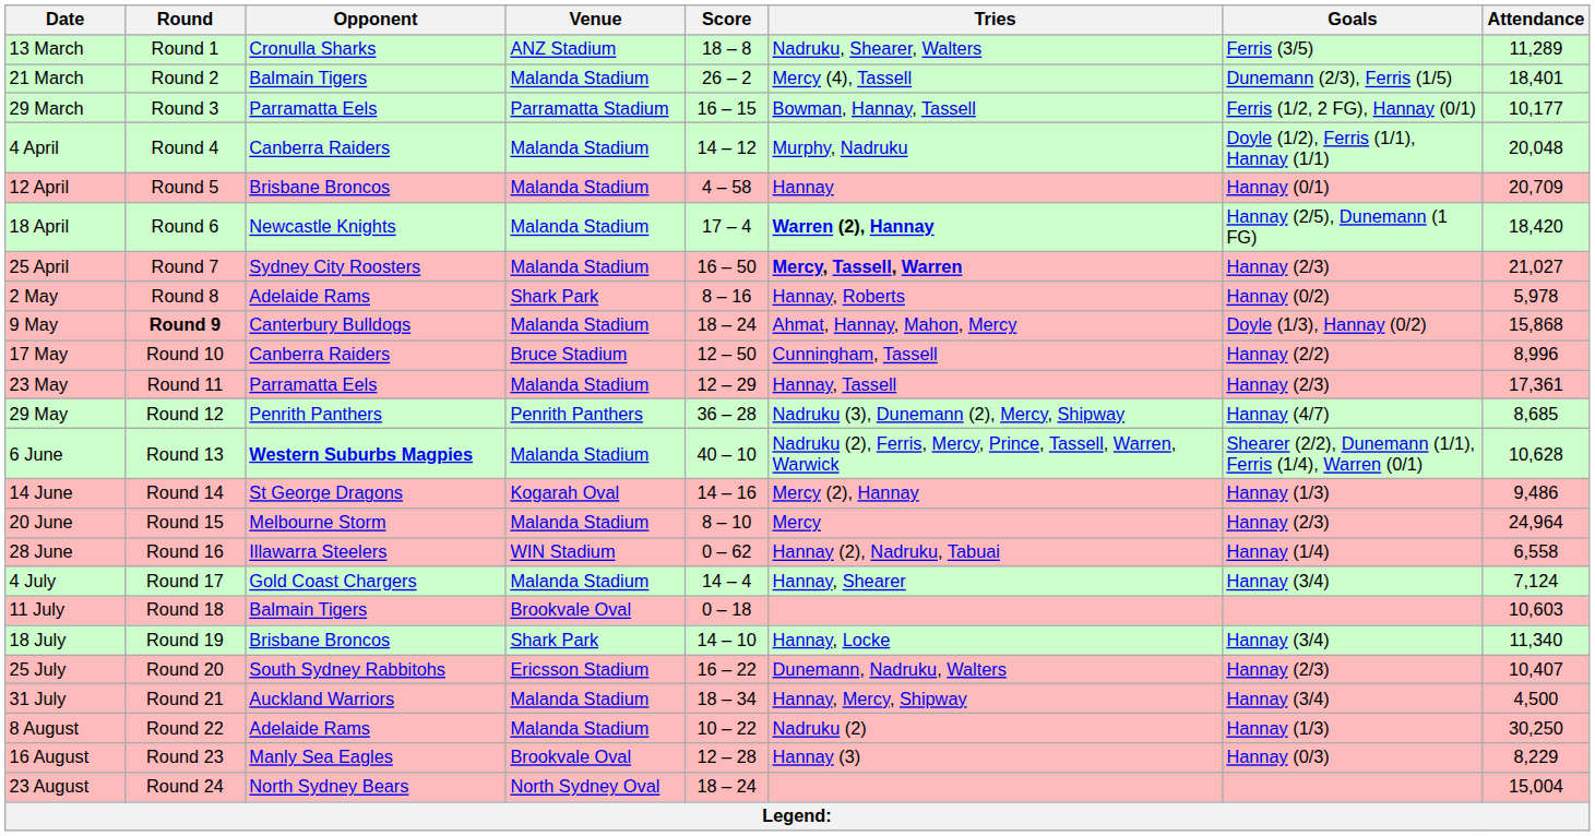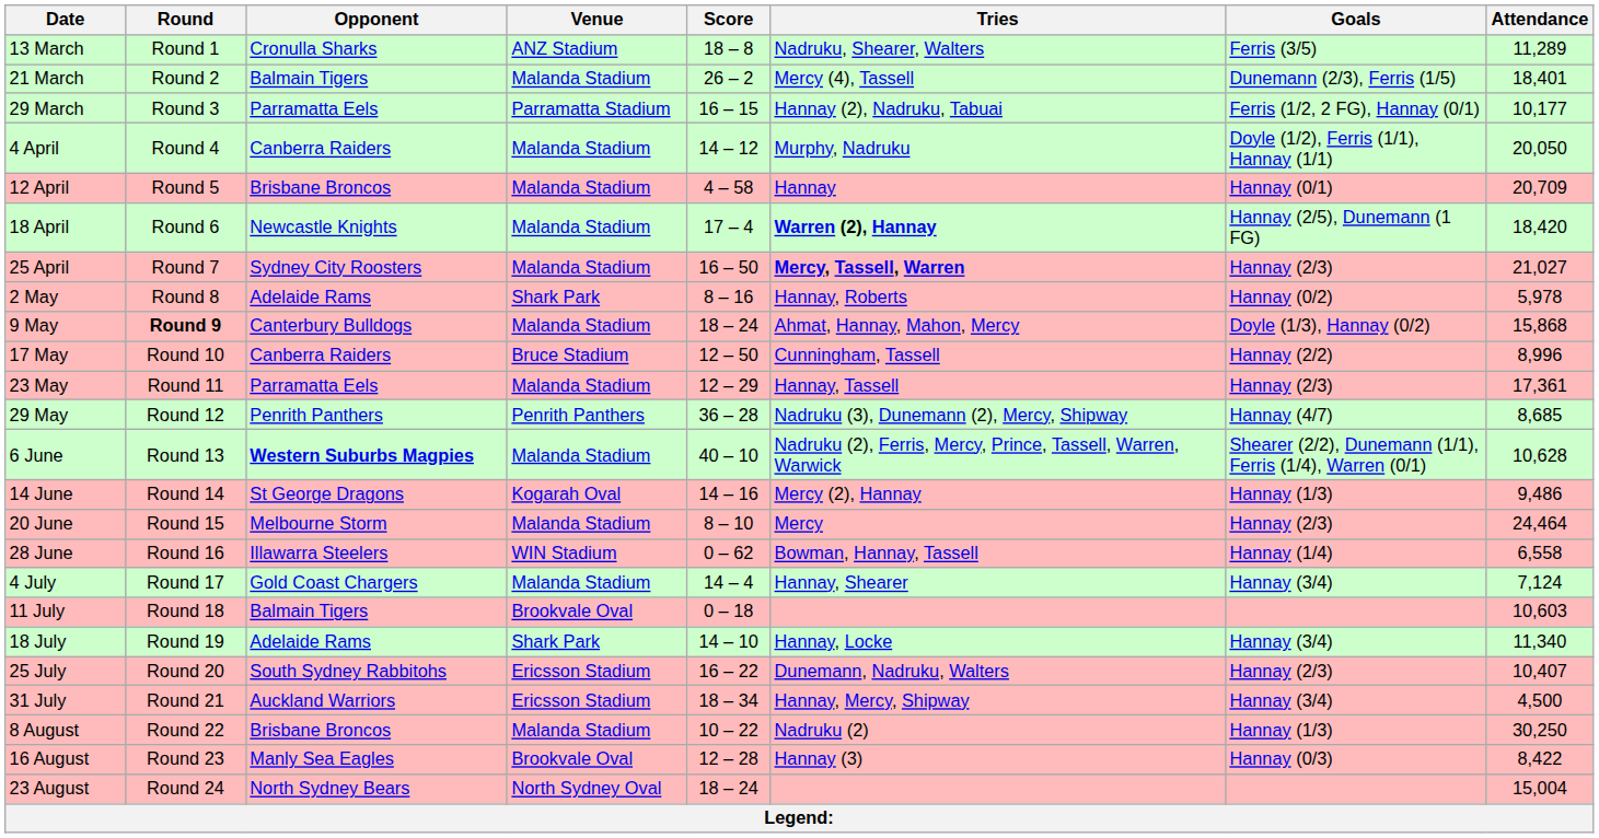 <table class="wikitable" style="font-size:75%;">
 <tr>
 <th style="width:75px;">Date</th>
 <th style="width:75px;">Round</th>
 <th style="width:170px;">Opponent</th>
 <th style="width:115px;">Venue</th>
 <th style="width:50px;">Score</th>
 <th style="width:300px;">Tries</th>
 <th style="width:170px;">Goals</th>
 <th style="width:60px;">Attendance</th>
 </tr>
 <tr style="background:#CCFFCC">
 <td>13 March</td>
 <td style="text-align:center;">Round 1</td>
 <td> <a href='#'>Cronulla Sharks</a></td>
 <td><a href='#'>ANZ Stadium</a></td>
 <td style="text-align:center;">18 – 8</td>
 <td><a href='#'>Nadruku</a>, <a href='#'>Shearer</a>, <a href='#'>Walters</a></td>
 <td><a href='#'>Ferris</a> (3/5)</td>
 <td style="text-align:center;">11,289</td>
 </tr>
 <tr style="background:#CCFFCC">
 <td>21 March</td>
 <td style="text-align:center;">Round 2</td>
 <td> <a href='#'>Balmain Tigers</a></td>
 <td><a href='#'>Malanda Stadium</a></td>
 <td style="text-align:center;">26 – 2</td>
 <td><a href='#'>Mercy</a> (4), <a href='#'>Tassell</a></td>
 <td><a href='#'>Dunemann</a> (2/3), <a href='#'>Ferris</a> (1/5)</td>
 <td style="text-align:center;">18,401</td>
 </tr>
 <tr style="background:#CCFFCC">
 <td>29 March</td>
 <td style="text-align:center;">Round 3</td>
 <td> <a href='#'>Parramatta Eels</a></td>
 <td><a href='#'>Parramatta Stadium</a></td>
 <td style="text-align:center;">16 – 15</td>
-<td><a href='#'>Bowman</a>, <a href='#'>Hannay</a>, <a href='#'>Tassell</a></td>
+<td><a href='#'>Hannay</a> (2), <a href='#'>Nadruku</a>, <a href='#'>Tabuai</a></td>
 <td><a href='#'>Ferris</a> (1/2, 2 FG), <a href='#'>Hannay</a> (0/1)</td>
 <td style="text-align:center;">10,177</td>
 </tr>
 <tr style="background:#CCFFCC">
 <td>4 April</td>
 <td style="text-align:center;">Round 4</td>
 <td> <a href='#'>Canberra Raiders</a></td>
 <td><a href='#'>Malanda Stadium</a></td>
 <td style="text-align:center;">14 – 12</td>
 <td><a href='#'>Murphy</a>, <a href='#'>Nadruku</a></td>
 <td><a href='#'>Doyle</a> (1/2), <a href='#'>Ferris</a> (1/1), <a href='#'>Hannay</a> (1/1)</td>
-<td style="text-align:center;">20,048</td>
+<td style="text-align:center;">20,050</td>
 </tr>
 <tr style="background:#FFBBBB">
 <td>12 April</td>
 <td style="text-align:center;">Round 5</td>
 <td> <a href='#'>Brisbane Broncos</a></td>
 <td><a href='#'>Malanda Stadium</a></td>
 <td style="text-align:center;">4 – 58</td>
 <td><a href='#'>Hannay</a></td>
 <td><a href='#'>Hannay</a> (0/1)</td>
 <td style="text-align:center;">20,709</td>
 </tr>
 <tr style="background:#CCFFCC">
 <td>18 April</td>
 <td style="text-align:center;">Round 6</td>
 <td> <a href='#'>Newcastle Knights</a></td>
 <td><a href='#'>Malanda Stadium</a></td>
 <td style="text-align:center;">17  – 4</td>
 <td><strong><a href='#'>Warren</a> (2), <a href='#'>Hannay</a></strong></td>
 <td><a href='#'>Hannay</a> (2/5), <a href='#'>Dunemann</a> (1 FG)</td>
 <td style="text-align:center;">18,420</td>
 </tr>
 <tr style="background:#FFBBBB">
 <td>25 April</td>
 <td style="text-align:center;">Round 7</td>
 <td> <a href='#'>Sydney City Roosters</a></td>
 <td><a href='#'>Malanda Stadium</a></td>
 <td style="text-align:center;">16 – 50</td>
 <td><strong><a href='#'>Mercy</a>, <a href='#'>Tassell</a>, <a href='#'>Warren</a></strong></td>
 <td><a href='#'>Hannay</a> (2/3)</td>
 <td style="text-align:center;">21,027</td>
 </tr>
 <tr style="background:#FFBBBB">
 <td>2 May</td>
 <td style="text-align:center;">Round 8</td>
 <td> <a href='#'>Adelaide Rams</a></td>
 <td><a href='#'>Shark Park</a></td>
 <td style="text-align:center;">8 – 16</td>
 <td><a href='#'>Hannay</a>, <a href='#'>Roberts</a></td>
 <td><a href='#'>Hannay</a> (0/2)</td>
 <td style="text-align:center;">5,978</td>
 </tr>
 <tr style="background:#FFBBBB">
 <td>9 May</td>
 <td style="text-align:center;"><strong>Round 9</strong></td>
 <td> <a href='#'>Canterbury Bulldogs</a></td>
 <td><a href='#'>Malanda Stadium</a></td>
 <td style="text-align:center;">18 – 24</td>
 <td><a href='#'>Ahmat</a>, <a href='#'>Hannay</a>, <a href='#'>Mahon</a>, <a href='#'>Mercy</a></td>
 <td><a href='#'>Doyle</a> (1/3), <a href='#'>Hannay</a> (0/2)</td>
 <td style="text-align:center;">15,868</td>
 </tr>
 <tr style="background:#FFBBBB">
 <td>17 May</td>
 <td style="text-align:center;">Round 10</td>
 <td> <a href='#'>Canberra Raiders</a></td>
 <td><a href='#'>Bruce Stadium</a></td>
 <td style="text-align:center;">12 – 50</td>
 <td><a href='#'>Cunningham</a>, <a href='#'>Tassell</a></td>
 <td><a href='#'>Hannay</a> (2/2)</td>
 <td style="text-align:center;">8,996</td>
 </tr>
 <tr style="background:#FFBBBB">
 <td>23 May</td>
 <td style="text-align:center;">Round 11</td>
 <td> <a href='#'>Parramatta Eels</a></td>
 <td><a href='#'>Malanda Stadium</a></td>
 <td style="text-align:center;">12 – 29</td>
 <td><a href='#'>Hannay</a>, <a href='#'>Tassell</a></td>
 <td><a href='#'>Hannay</a> (2/3)</td>
 <td style="text-align:center;">17,361</td>
 </tr>
 <tr style="background:#CCFFCC">
 <td>29 May</td>
 <td style="text-align:center;">Round 12</td>
 <td> <a href='#'>Penrith Panthers</a></td>
 <td><a href='#'>Penrith Panthers</a></td>
 <td style="text-align:center;">36 – 28</td>
 <td><a href='#'>Nadruku</a> (3), <a href='#'>Dunemann</a> (2), <a href='#'>Mercy</a>, <a href='#'>Shipway</a></td>
 <td><a href='#'>Hannay</a> (4/7)</td>
 <td style="text-align:center;">8,685</td>
 </tr>
 <tr style="background:#CCFFCC">
 <td>6 June</td>
 <td style="text-align:center;">Round 13</td>
 <td><strong> <a href='#'>Western Suburbs Magpies</a></strong></td>
 <td><a href='#'>Malanda Stadium</a></td>
 <td style="text-align:center;">40 – 10</td>
 <td><a href='#'>Nadruku</a> (2), <a href='#'>Ferris</a>, <a href='#'>Mercy</a>, <a href='#'>Prince</a>, <a href='#'>Tassell</a>, <a href='#'>Warren</a>, <a href='#'>Warwick</a></td>
 <td><a href='#'>Shearer</a> (2/2), <a href='#'>Dunemann</a> (1/1), <a href='#'>Ferris</a> (1/4), <a href='#'>Warren</a> (0/1)</td>
 <td style="text-align:center;">10,628</td>
 </tr>
 <tr style="background:#FFBBBB">
 <td>14 June</td>
 <td style="text-align:center;">Round 14</td>
 <td> <a href='#'>St George Dragons</a></td>
 <td><a href='#'>Kogarah Oval</a></td>
 <td style="text-align:center;">14 – 16</td>
 <td><a href='#'>Mercy</a> (2), <a href='#'>Hannay</a></td>
 <td><a href='#'>Hannay</a> (1/3)</td>
 <td style="text-align:center;">9,486</td>
 </tr>
 <tr style="background:#FFBBBB">
 <td>20 June</td>
 <td style="text-align:center;">Round 15</td>
 <td> <a href='#'>Melbourne Storm</a></td>
 <td><a href='#'>Malanda Stadium</a></td>
 <td style="text-align:center;">8 – 10</td>
 <td><a href='#'>Mercy</a></td>
 <td><a href='#'>Hannay</a> (2/3)</td>
-<td style="text-align:center;">24,964</td>
+<td style="text-align:center;">24,464</td>
 </tr>
 <tr style="background:#FFBBBB">
 <td>28 June</td>
 <td style="text-align:center;">Round 16</td>
 <td> <a href='#'>Illawarra Steelers</a></td>
 <td><a href='#'>WIN Stadium</a></td>
 <td style="text-align:center;">0 – 62</td>
-<td><a href='#'>Hannay</a> (2), <a href='#'>Nadruku</a>, <a href='#'>Tabuai</a></td>
+<td><a href='#'>Bowman</a>, <a href='#'>Hannay</a>, <a href='#'>Tassell</a></td>
 <td><a href='#'>Hannay</a> (1/4)</td>
 <td style="text-align:center;">6,558</td>
 </tr>
 <tr style="background:#CCFFCC">
 <td>4 July</td>
 <td style="text-align:center;">Round 17</td>
 <td> <a href='#'>Gold Coast Chargers</a></td>
 <td><a href='#'>Malanda Stadium</a></td>
 <td style="text-align:center;">14 – 4</td>
 <td><a href='#'>Hannay</a>, <a href='#'>Shearer</a></td>
 <td><a href='#'>Hannay</a> (3/4)</td>
 <td style="text-align:center;">7,124</td>
 </tr>
 <tr style="background:#FFBBBB">
 <td>11 July</td>
 <td style="text-align:center;">Round 18</td>
 <td> <a href='#'>Balmain Tigers</a></td>
 <td><a href='#'>Brookvale Oval</a></td>
 <td style="text-align:center;">0 – 18</td>
 <td></td>
 <td></td>
 <td style="text-align:center;">10,603</td>
 </tr>
 <tr style="background:#CCFFCC">
 <td>18 July</td>
 <td style="text-align:center;">Round 19</td>
-<td> <a href='#'>Brisbane Broncos</a></td>
+<td> <a href='#'>Adelaide Rams</a></td>
 <td><a href='#'>Shark Park</a></td>
 <td style="text-align:center;">14 – 10</td>
 <td><a href='#'>Hannay</a>, <a href='#'>Locke</a></td>
 <td><a href='#'>Hannay</a> (3/4)</td>
 <td style="text-align:center;">11,340</td>
 </tr>
 <tr style="background:#FFBBBB">
 <td>25 July</td>
 <td style="text-align:center;">Round 20</td>
 <td> <a href='#'>South Sydney Rabbitohs</a></td>
 <td><a href='#'>Ericsson Stadium</a></td>
 <td style="text-align:center;">16 – 22</td>
 <td><a href='#'>Dunemann</a>, <a href='#'>Nadruku</a>, <a href='#'>Walters</a></td>
 <td><a href='#'>Hannay</a> (2/3)</td>
 <td style="text-align:center;">10,407</td>
 </tr>
 <tr style="background:#FFBBBB">
 <td>31 July</td>
 <td style="text-align:center;">Round 21</td>
 <td> <a href='#'>Auckland Warriors</a></td>
-<td><a href='#'>Malanda Stadium</a></td>
+<td><a href='#'>Ericsson Stadium</a></td>
 <td style="text-align:center;">18 – 34</td>
 <td><a href='#'>Hannay</a>, <a href='#'>Mercy</a>, <a href='#'>Shipway</a></td>
 <td><a href='#'>Hannay</a> (3/4)</td>
 <td style="text-align:center;">4,500</td>
 </tr>
 <tr style="background:#FFBBBB">
 <td>8 August</td>
 <td style="text-align:center;">Round 22</td>
-<td> <a href='#'>Adelaide Rams</a></td>
+<td> <a href='#'>Brisbane Broncos</a></td>
 <td><a href='#'>Malanda Stadium</a></td>
 <td style="text-align:center;">10 – 22</td>
 <td><a href='#'>Nadruku</a> (2)</td>
 <td><a href='#'>Hannay</a> (1/3)</td>
 <td style="text-align:center;">30,250</td>
 </tr>
 <tr style="background:#FFBBBB">
 <td>16 August</td>
 <td style="text-align:center;">Round 23</td>
 <td> <a href='#'>Manly Sea Eagles</a></td>
 <td><a href='#'>Brookvale Oval</a></td>
 <td style="text-align:center;">12 – 28</td>
 <td><a href='#'>Hannay</a> (3)</td>
 <td><a href='#'>Hannay</a> (0/3)</td>
-<td style="text-align:center;">8,229</td>
+<td style="text-align:center;">8,422</td>
 </tr>
 <tr style="background:#FFBBBB">
 <td>23 August</td>
 <td style="text-align:center;">Round 24</td>
 <td> <a href='#'>North Sydney Bears</a></td>
 <td><a href='#'>North Sydney Oval</a></td>
 <td style="text-align:center;">18 – 24</td>
 <td></td>
 <td></td>
 <td style="text-align:center;">15,004</td>
 </tr>
 <tr>
 <th colspan="11"><strong>Legend</strong>:    </th>
 </tr>
 </table>
